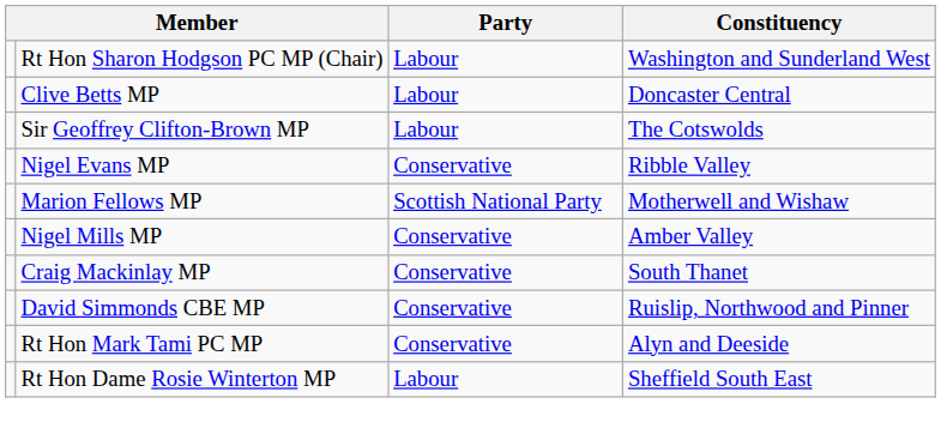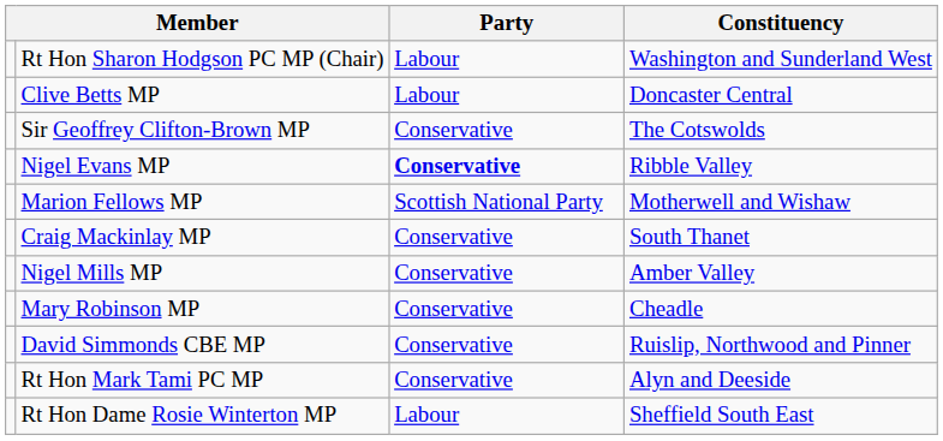 <table class="wikitable">
 <tr>
 <th width="160px" colspan="2" valign="top">Member</th>
 <th width="160px" valign="top">Party</th>
 <th valign="top">Constituency</th>
 </tr>
 <tr>
 <td style="color:inherit;background:"></td>
 <td>Rt Hon <a href='#'>Sharon Hodgson</a> PC MP (Chair)</td>
 <td><a href='#'>Labour</a></td>
 <td><a href='#'>Washington and Sunderland West</a></td>
 </tr>
 <tr>
 <td style="color:inherit;background:"></td>
 <td><a href='#'>Clive Betts</a> MP</td>
 <td><a href='#'>Labour</a></td>
 <td><a href='#'>Doncaster Central</a></td>
 </tr>
 <tr>
 <td style="color:inherit;background:"></td>
 <td>Sir <a href='#'>Geoffrey Clifton-Brown</a> MP</td>
-<td><a href='#'>Labour</a></td>
+<td><a href='#'>Conservative</a></td>
 <td><a href='#'>The Cotswolds</a></td>
 </tr>
 <tr>
 <td style="color:inherit;background:"></td>
 <td><a href='#'>Nigel Evans</a> MP</td>
-<td><a href='#'>Conservative</a></td>
+<td><strong><a href='#'>Conservative</a></strong></td>
 <td><a href='#'>Ribble Valley</a></td>
 </tr>
 <tr>
 <td style="color:inherit;background:"></td>
 <td><a href='#'>Marion Fellows</a> MP</td>
 <td><a href='#'>Scottish National Party</a></td>
 <td><a href='#'>Motherwell and Wishaw</a></td>
 </tr>
 <tr>
 <td style="color:inherit;background:"></td>
+<td><a href='#'>Craig Mackinlay</a> MP</td>
+<td><a href='#'>Conservative</a></td>
+<td><a href='#'>South Thanet</a></td>
+</tr>
+<tr>
+<td style="color:inherit;background:"></td>
 <td><a href='#'>Nigel Mills</a> MP</td>
 <td><a href='#'>Conservative</a></td>
 <td><a href='#'>Amber Valley</a></td>
 </tr>
 <tr>
 <td style="color:inherit;background:"></td>
-<td><a href='#'>Craig Mackinlay</a> MP</td>
+<td><a href='#'>Mary Robinson</a> MP</td>
 <td><a href='#'>Conservative</a></td>
-<td><a href='#'>South Thanet</a></td>
+<td><a href='#'>Cheadle</a></td>
 </tr>
 <tr>
 <td style="color:inherit;background:"></td>
 <td><a href='#'>David Simmonds</a> CBE MP</td>
 <td><a href='#'>Conservative</a></td>
 <td><a href='#'>Ruislip, Northwood and Pinner</a></td>
 </tr>
 <tr>
 <td style="color:inherit;background:"></td>
 <td>Rt Hon <a href='#'>Mark Tami</a> PC MP</td>
 <td><a href='#'>Conservative</a></td>
 <td><a href='#'>Alyn and Deeside</a></td>
 </tr>
 <tr>
 <td style="color:inherit;background:"></td>
 <td>Rt Hon Dame <a href='#'>Rosie Winterton</a> MP</td>
 <td><a href='#'>Labour</a></td>
 <td><a href='#'>Sheffield South East</a></td>
 </tr>
 </table>
